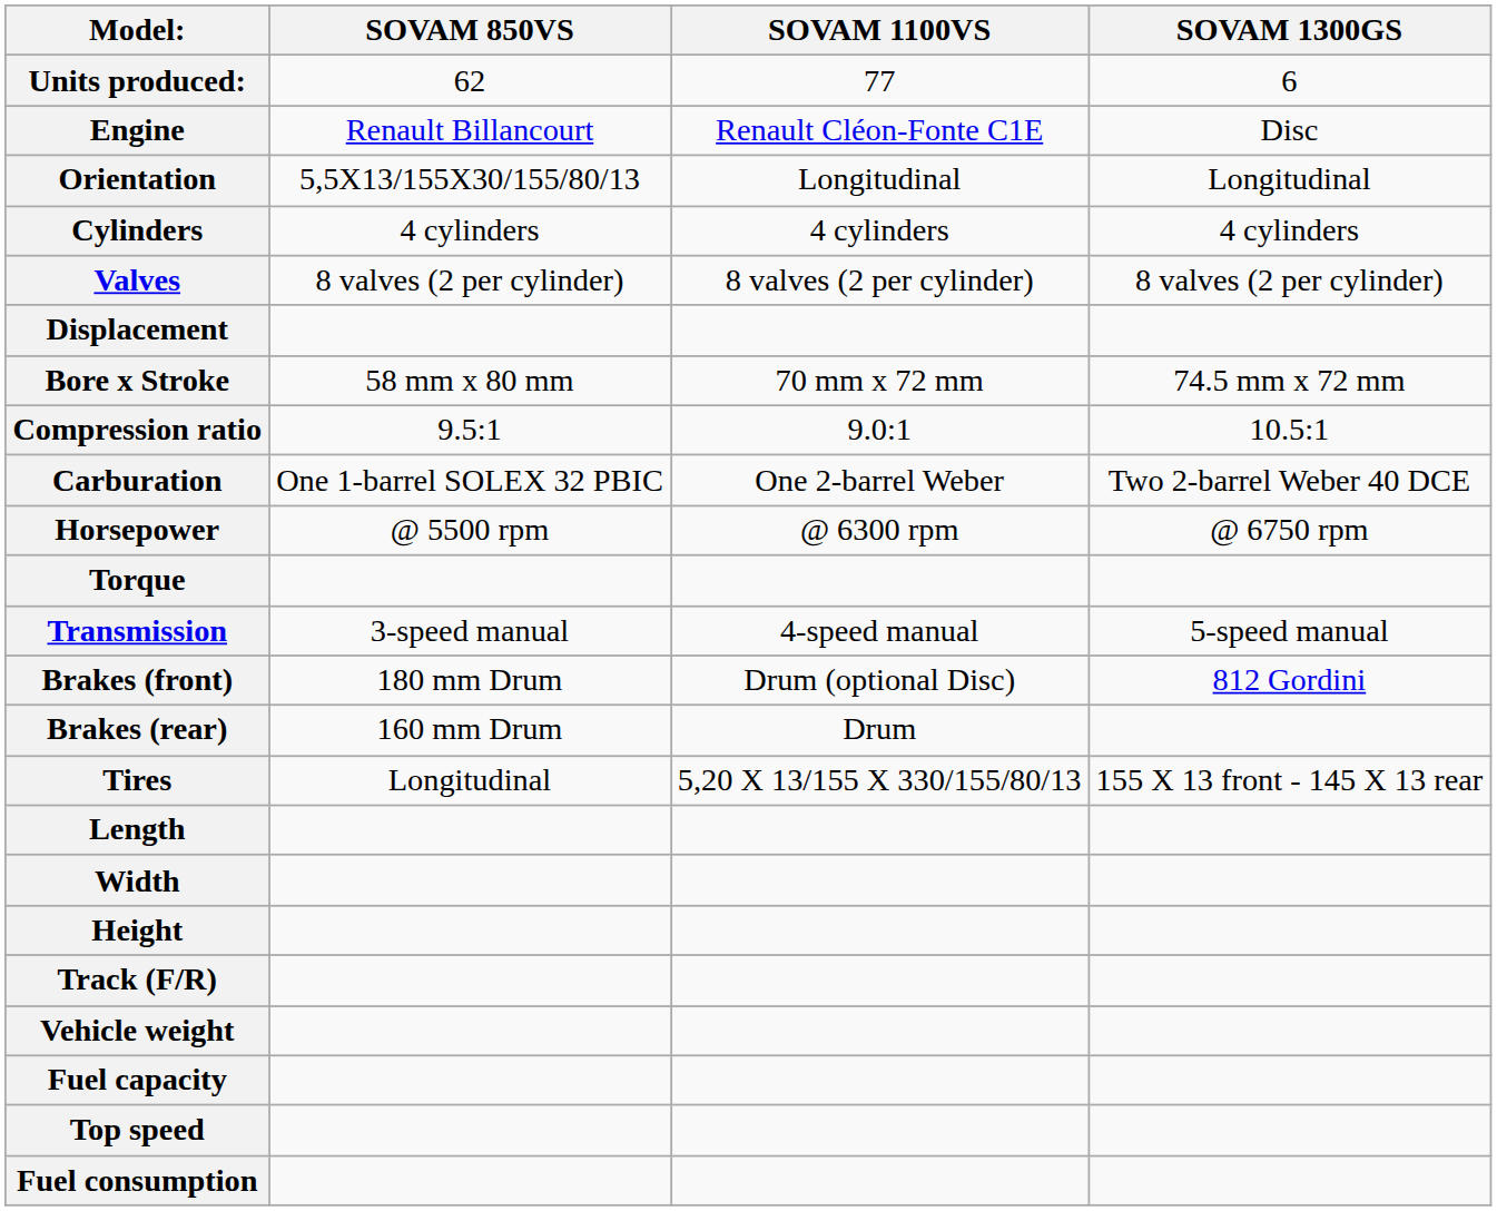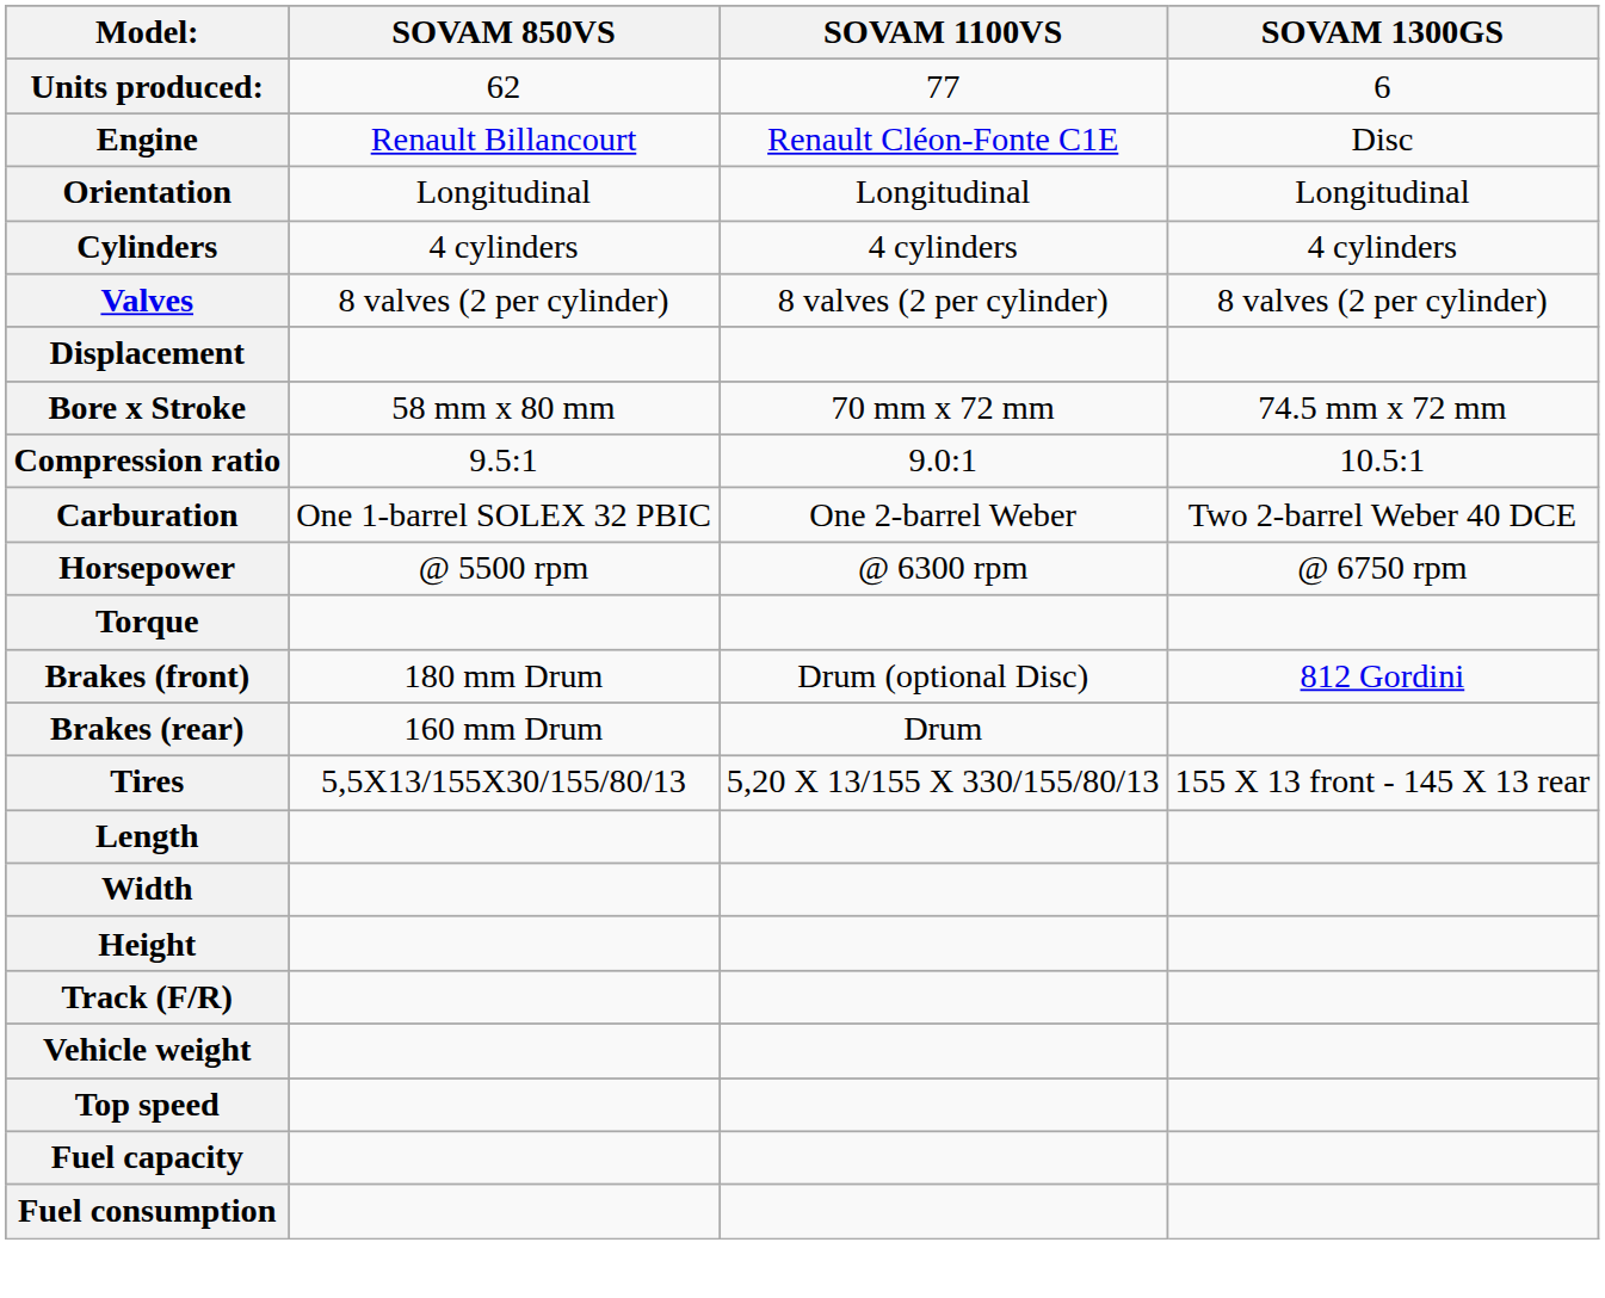 <table class="wikitable"  style="align:center; text-align:center">
 <tr>
 <th>Model:</th>
 <th>SOVAM 850VS</th>
 <th>SOVAM 1100VS</th>
 <th>SOVAM 1300GS</th>
 </tr>
 <tr>
 <th>Units produced:</th>
 <td>62</td>
 <td>77</td>
 <td>6</td>
 </tr>
 <tr>
 <th>Engine</th>
 <td><a href='#'>Renault Billancourt</a></td>
 <td><a href='#'>Renault Cléon-Fonte C1E</a></td>
 <td>Disc</td>
 </tr>
 <tr>
 <th>Orientation</th>
-<td>5,5X13/155X30/155/80/13</td>
+<td>Longitudinal</td>
 <td>Longitudinal</td>
 <td>Longitudinal</td>
 </tr>
 <tr>
 <th>Cylinders</th>
 <td>4 cylinders</td>
 <td>4 cylinders</td>
 <td>4 cylinders</td>
 </tr>
 <tr>
 <th><a href='#'>Valves</a></th>
 <td>8 valves (2 per cylinder)</td>
 <td>8 valves (2 per cylinder)</td>
 <td>8 valves (2 per cylinder)</td>
 </tr>
 <tr>
 <th>Displacement</th>
 <td></td>
 <td></td>
 <td></td>
 </tr>
 <tr>
 <th>Bore x Stroke</th>
 <td>58 mm x 80 mm</td>
 <td>70 mm x 72 mm</td>
 <td>74.5 mm x 72 mm</td>
 </tr>
 <tr>
 <th>Compression ratio</th>
 <td>9.5:1</td>
 <td>9.0:1</td>
 <td>10.5:1</td>
 </tr>
 <tr>
 <th>Carburation</th>
 <td>One 1-barrel SOLEX 32 PBIC</td>
 <td>One 2-barrel Weber</td>
 <td>Two 2-barrel Weber 40 DCE</td>
 </tr>
 <tr>
 <th>Horsepower</th>
 <td> @ 5500 rpm</td>
 <td> @ 6300 rpm</td>
 <td> @ 6750 rpm</td>
 </tr>
 <tr>
 <th>Torque</th>
 <td></td>
 <td></td>
 <td></td>
 </tr>
 <tr>
-<th><a href='#'>Transmission</a></th>
-<td>3-speed manual</td>
-<td>4-speed manual</td>
-<td>5-speed manual</td>
-</tr>
-<tr>
 <th>Brakes (front)</th>
 <td>180 mm Drum</td>
 <td>Drum (optional Disc)</td>
 <td><a href='#'>812 Gordini</a></td>
 </tr>
 <tr>
 <th>Brakes (rear)</th>
 <td>160 mm Drum</td>
 <td>Drum</td>
 <td></td>
 </tr>
 <tr>
 <th>Tires</th>
-<td>Longitudinal</td>
+<td>5,5X13/155X30/155/80/13</td>
 <td>5,20 X 13/155 X 330/155/80/13</td>
 <td>155 X 13 front - 145 X 13 rear</td>
 </tr>
 <tr>
 <th>Length</th>
 <td></td>
 <td></td>
 <td></td>
 </tr>
 <tr>
 <th>Width</th>
 <td></td>
 <td></td>
 <td></td>
 </tr>
 <tr>
 <th>Height</th>
 <td></td>
 <td></td>
 <td></td>
 </tr>
 <tr>
 <th>Track (F/R)</th>
 <td></td>
 <td></td>
 <td></td>
 </tr>
 <tr>
 <th>Vehicle weight</th>
 <td></td>
 <td></td>
 <td></td>
 </tr>
 <tr>
-<th>Fuel capacity</th>
+<th>Top speed</th>
 <td></td>
 <td></td>
 <td></td>
 </tr>
 <tr>
-<th>Top speed</th>
+<th>Fuel capacity</th>
 <td></td>
 <td></td>
 <td></td>
 </tr>
 <tr>
 <th>Fuel consumption</th>
 <td></td>
 <td></td>
 <td></td>
 </tr>
 </table>
